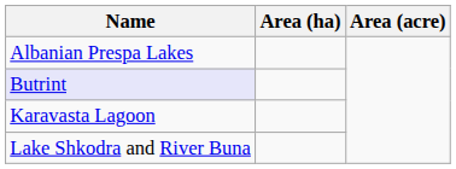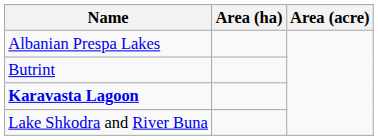 <table class="wikitable">
 <tr>
 <th scope="col" align=left>Name</th>
 <th scope="col">Area (ha)</th>
 <th scope="col">Area (acre)</th>
 </tr>
 <tr ---->
 <td><a href='#'>Albanian Prespa Lakes</a></td>
 <td></td>
 </tr>
 <tr ---->
-<td style="background: lavender;"><a href='#'>Butrint</a></td>
+<td><a href='#'>Butrint</a></td>
 <td></td>
 </tr>
 <tr ---->
-<td><a href='#'>Karavasta Lagoon</a></td>
+<td><strong><a href='#'>Karavasta Lagoon</a></strong></td>
 <td></td>
 </tr>
 <tr ---->
 <td><a href='#'>Lake Shkodra</a> and <a href='#'>River Buna</a></td>
 <td></td>
 </tr>
 </table>
